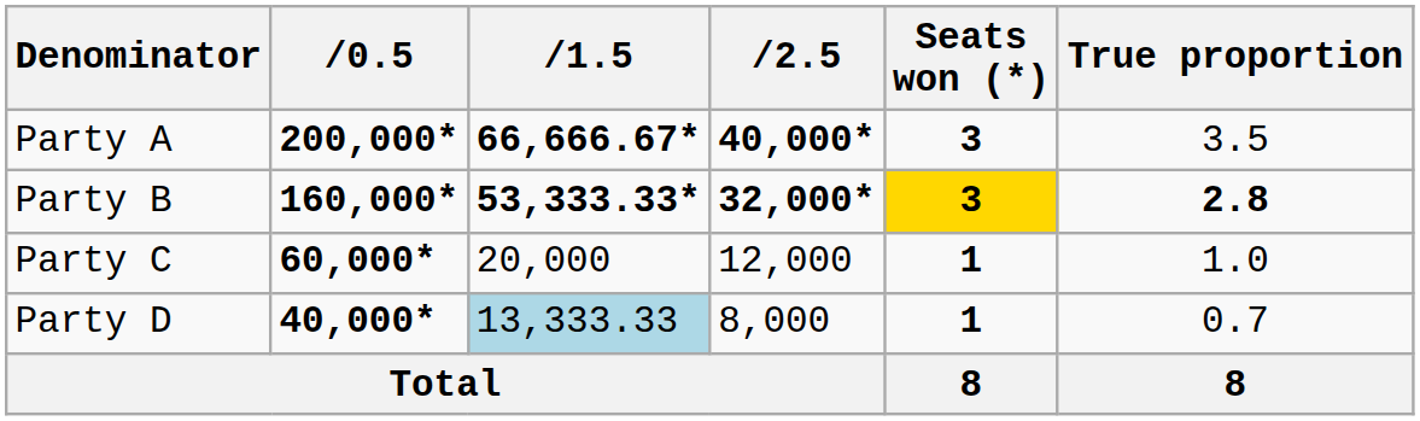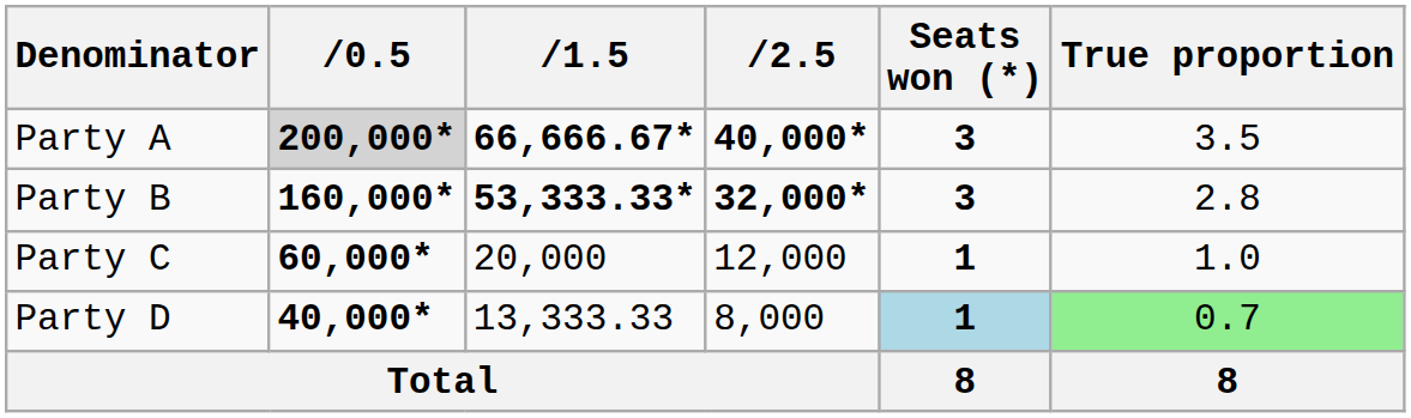 <table class="wikitable">
 <tr>
 <th>Denominator</th>
 <th>/0.5</th>
 <th>/1.5</th>
 <th>/2.5</th>
 <th>Seats<br>won (*)</th>
 <th>True proportion</th>
 </tr>
 <tr>
 <td>Party A</td>
-<td><strong>200,000*</strong></td>
+<td style="background: lightgrey;"><strong>200,000*</strong></td>
 <td><strong>66,666.67*</strong></td>
 <td><strong>40,000*</strong></td>
 <td align="center"><strong>3</strong></td>
 <td align="center">3.5</td>
 </tr>
 <tr>
 <td>Party B</td>
 <td><strong>160,000*</strong></td>
 <td><strong>53,333.33*</strong></td>
 <td><strong>32,000*</strong></td>
-<td align="center" style="background: gold;"><strong>3</strong></td>
-<td align="center"><strong>2.8</strong></td>
+<td align="center"><strong>3</strong></td>
+<td align="center">2.8</td>
 </tr>
 <tr>
 <td>Party C</td>
 <td><strong>60,000*</strong></td>
 <td>20,000</td>
 <td>12,000</td>
 <td align="center"><strong>1</strong></td>
 <td align="center">1.0</td>
 </tr>
 <tr>
 <td>Party D</td>
 <td><strong>40,000*</strong></td>
-<td style="background: lightblue;">13,333.33</td>
+<td>13,333.33</td>
 <td>8,000</td>
-<td align="center"><strong>1</strong></td>
-<td align="center">0.7</td>
+<td align="center" style="background: lightblue;"><strong>1</strong></td>
+<td align="center" style="background: lightgreen;">0.7</td>
 </tr>
 <tr>
 <th colspan="4">Total</th>
 <th align="center">8</th>
 <th align="center">8</th>
 </tr>
 </table>
